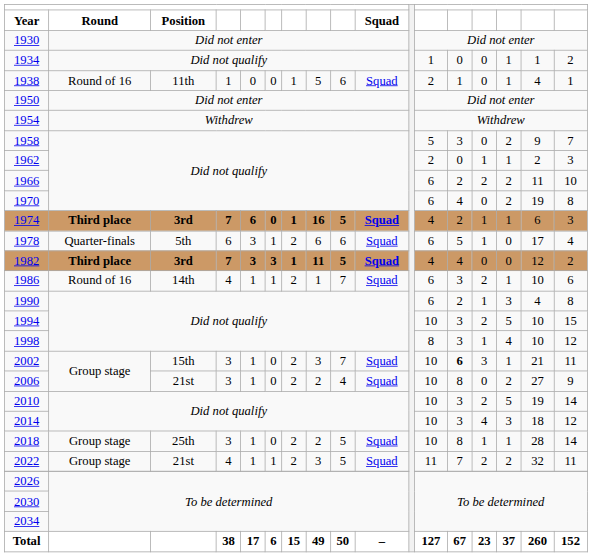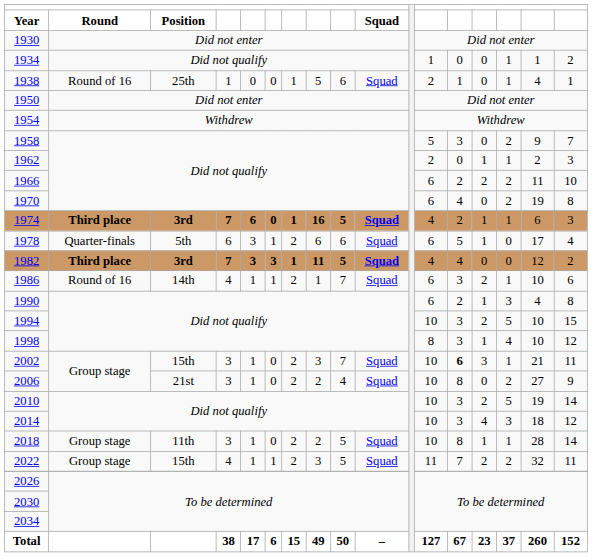 <table class="wikitable" style="text-align: center">
 <tr>
 <th colspan=10 style="background: white; color: #D4213D;"><a href='#'></a></th>
 <th rowspan=38 width="1%"></th>
 <th colspan=6 style="background: white; color: #D4213D;"><a href='#'></a></th>
 </tr>
 <tr>
 <th style="background: white; color: #000000;">Year</th>
 <th style="background: white; color: #000000;">Round</th>
 <th style="background: white; color: #000000;">Position</th>
 <th style="background: white; color: #000000;"></th>
 <th style="background: white; color: #000000;"></th>
 <th style="background: white; color: #000000;"></th>
 <th style="background: white; color: #000000;"></th>
 <th style="background: white; color: #000000;"></th>
 <th style="background: white; color: #000000;"></th>
 <th style="background: white; color: #000000;">Squad</th>
 <th style="background: white; color: #000000;"></th>
 <th style="background: white; color: #000000;"></th>
 <th style="background: white; color: #000000;"></th>
 <th style="background: white; color: #000000;"></th>
 <th style="background: white; color: #000000;"></th>
 <th style="background: white; color: #000000;"></th>
 </tr>
 <tr>
 <td> <a href='#'>1930</a></td>
 <td colspan=9><em>Did not enter</em></td>
 <td colspan=6><em>Did not enter</em></td>
 </tr>
 <tr>
 <td> <a href='#'>1934</a></td>
 <td colspan=9><em>Did not qualify</em></td>
 <td>1</td>
 <td>0</td>
 <td>0</td>
 <td>1</td>
 <td>1</td>
 <td>2</td>
 </tr>
 <tr>
 <td> <a href='#'>1938</a></td>
 <td>Round of 16</td>
-<td>11th</td>
+<td>25th</td>
 <td>1</td>
 <td>0</td>
 <td>0</td>
 <td>1</td>
 <td>5</td>
 <td>6</td>
 <td><a href='#'>Squad</a></td>
 <td>2</td>
 <td>1</td>
 <td>0</td>
 <td>1</td>
 <td>4</td>
 <td>1</td>
 </tr>
 <tr>
 <td> <a href='#'>1950</a></td>
 <td colspan=9><em>Did not enter</em></td>
 <td colspan=6><em>Did not enter</em></td>
 </tr>
 <tr>
 <td> <a href='#'>1954</a></td>
 <td colspan=9><em>Withdrew</em></td>
 <td colspan=6><em>Withdrew</em></td>
 </tr>
 <tr>
 <td> <a href='#'>1958</a></td>
 <td colspan=9 rowspan=4><em>Did not qualify</em></td>
 <td>5</td>
 <td>3</td>
 <td>0</td>
 <td>2</td>
 <td>9</td>
 <td>7</td>
 </tr>
 <tr>
 <td> <a href='#'>1962</a></td>
 <td>2</td>
 <td>0</td>
 <td>1</td>
 <td>1</td>
 <td>2</td>
 <td>3</td>
 </tr>
 <tr>
 <td> <a href='#'>1966</a></td>
 <td>6</td>
 <td>2</td>
 <td>2</td>
 <td>2</td>
 <td>11</td>
 <td>10</td>
 </tr>
 <tr>
 <td> <a href='#'>1970</a></td>
 <td>6</td>
 <td>4</td>
 <td>0</td>
 <td>2</td>
 <td>19</td>
 <td>8</td>
 </tr>
 <tr bgcolor=#cc9966>
 <td> <a href='#'>1974</a></td>
 <td><strong>Third place</strong></td>
 <td><strong>3rd</strong></td>
 <td><strong>7</strong></td>
 <td><strong>6</strong></td>
 <td><strong>0</strong></td>
 <td><strong>1</strong></td>
 <td><strong>16</strong></td>
 <td><strong>5</strong></td>
 <td><strong><a href='#'>Squad</a></strong></td>
 <td>4</td>
 <td>2</td>
 <td>1</td>
 <td>1</td>
 <td>6</td>
 <td>3</td>
 </tr>
 <tr>
 <td> <a href='#'>1978</a></td>
 <td>Quarter-finals</td>
 <td>5th</td>
 <td>6</td>
 <td>3</td>
 <td>1</td>
 <td>2</td>
 <td>6</td>
 <td>6</td>
 <td><a href='#'>Squad</a></td>
 <td>6</td>
 <td>5</td>
 <td>1</td>
 <td>0</td>
 <td>17</td>
 <td>4</td>
 </tr>
 <tr bgcolor=#cc9966>
 <td> <a href='#'>1982</a></td>
 <td><strong>Third place</strong></td>
 <td><strong>3rd</strong></td>
 <td><strong>7</strong></td>
 <td><strong>3</strong></td>
 <td><strong>3</strong></td>
 <td><strong>1</strong></td>
 <td><strong>11</strong></td>
 <td><strong>5</strong></td>
 <td><strong><a href='#'>Squad</a></strong></td>
 <td>4</td>
 <td>4</td>
 <td>0</td>
 <td>0</td>
 <td>12</td>
 <td>2</td>
 </tr>
 <tr>
 <td> <a href='#'>1986</a></td>
 <td>Round of 16</td>
 <td>14th</td>
 <td>4</td>
 <td>1</td>
 <td>1</td>
 <td>2</td>
 <td>1</td>
 <td>7</td>
 <td><a href='#'>Squad</a></td>
 <td>6</td>
 <td>3</td>
 <td>2</td>
 <td>1</td>
 <td>10</td>
 <td>6</td>
 </tr>
 <tr>
 <td> <a href='#'>1990</a></td>
 <td colspan=9 rowspan=3><em>Did not qualify</em></td>
 <td>6</td>
 <td>2</td>
 <td>1</td>
 <td>3</td>
 <td>4</td>
 <td>8</td>
 </tr>
 <tr>
 <td> <a href='#'>1994</a></td>
 <td>10</td>
 <td>3</td>
 <td>2</td>
 <td>5</td>
 <td>10</td>
 <td>15</td>
 </tr>
 <tr>
 <td> <a href='#'>1998</a></td>
 <td>8</td>
 <td>3</td>
 <td>1</td>
 <td>4</td>
 <td>10</td>
 <td>12</td>
 </tr>
 <tr>
 <td>  <a href='#'>2002</a></td>
 <td rowspan=2>Group stage</td>
 <td>15th</td>
 <td>3</td>
 <td>1</td>
 <td>0</td>
 <td>2</td>
 <td>3</td>
 <td>7</td>
 <td><a href='#'>Squad</a></td>
 <td>10</td>
 <td><strong>6</strong></td>
 <td>3</td>
 <td>1</td>
 <td>21</td>
 <td>11</td>
 </tr>
 <tr>
 <td> <a href='#'>2006</a></td>
 <td>21st</td>
 <td>3</td>
 <td>1</td>
 <td>0</td>
 <td>2</td>
 <td>2</td>
 <td>4</td>
 <td><a href='#'>Squad</a></td>
 <td>10</td>
 <td>8</td>
 <td>0</td>
 <td>2</td>
 <td>27</td>
 <td>9</td>
 </tr>
 <tr>
 <td> <a href='#'>2010</a></td>
 <td colspan=9 rowspan=2><em>Did not qualify</em></td>
 <td>10</td>
 <td>3</td>
 <td>2</td>
 <td>5</td>
 <td>19</td>
 <td>14</td>
 </tr>
 <tr>
 <td> <a href='#'>2014</a></td>
 <td>10</td>
 <td>3</td>
 <td>4</td>
 <td>3</td>
 <td>18</td>
 <td>12</td>
 </tr>
 <tr>
 <td> <a href='#'>2018</a></td>
 <td>Group stage</td>
-<td>25th</td>
+<td>11th</td>
 <td>3</td>
 <td>1</td>
 <td>0</td>
 <td>2</td>
 <td>2</td>
 <td>5</td>
 <td><a href='#'>Squad</a></td>
 <td>10</td>
 <td>8</td>
 <td>1</td>
 <td>1</td>
 <td>28</td>
 <td>14</td>
 </tr>
 <tr>
 <td> <a href='#'>2022</a></td>
 <td>Group stage</td>
-<td>21st</td>
+<td>15th</td>
 <td>4</td>
 <td>1</td>
 <td>1</td>
 <td>2</td>
 <td>3</td>
 <td>5</td>
 <td><a href='#'>Squad</a></td>
 <td>11</td>
 <td>7</td>
 <td>2</td>
 <td>2</td>
 <td>32</td>
 <td>11</td>
 </tr>
 <tr>
 </tr>
 <tr>
 <td>   <a href='#'>2026</a></td>
 <td colspan=9 rowspan=3><em>To be determined</em></td>
 <td colspan=6 rowspan=3><em>To be determined</em></td>
 </tr>
 <tr>
 <td>   <a href='#'>2030</a></td>
 </tr>
 <tr>
 <td> <a href='#'>2034</a></td>
 </tr>
 <tr>
 <th style="background: white; color: #000000;">Total</th>
 <th style="background: white; color: #000000;"></th>
 <th style="background: white; color: #000000;"></th>
 <th style="background: white; color: #000000;">38</th>
 <th style="background: white; color: #000000;">17</th>
 <th style="background: white; color: #000000;">6</th>
 <th style="background: white; color: #000000;">15</th>
 <th style="background: white; color: #000000;">49</th>
 <th style="background: white; color: #000000;">50</th>
 <th style="background: white; color: #000000;">–</th>
 <th style="background: white; color: #000000;">127</th>
 <th style="background: white; color: #000000;">67</th>
 <th style="background: white; color: #000000;">23</th>
 <th style="background: white; color: #000000;">37</th>
 <th style="background: white; color: #000000;">260</th>
 <th style="background: white; color: #000000;">152</th>
 </tr>
 </table>
